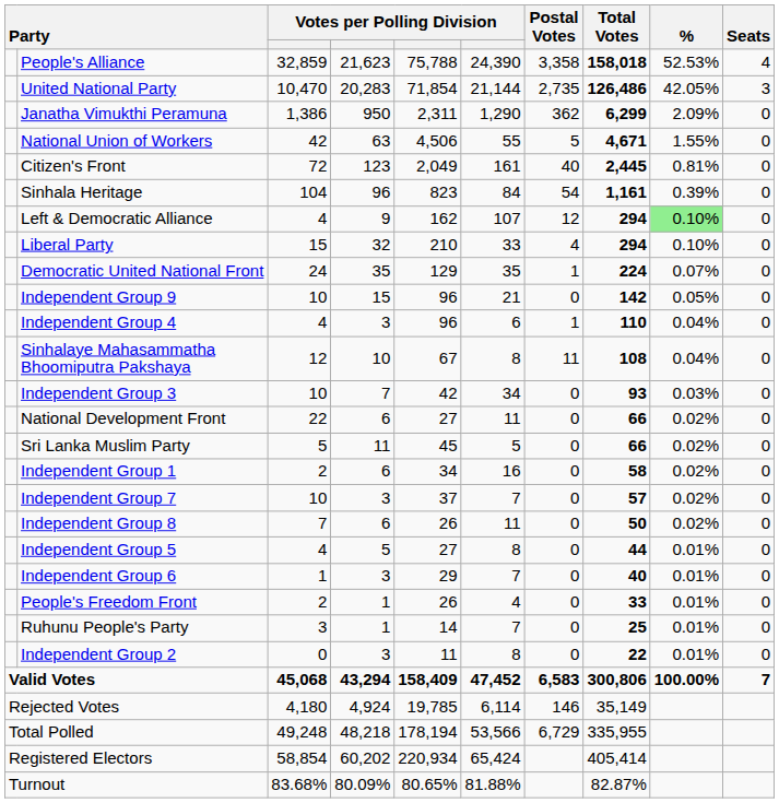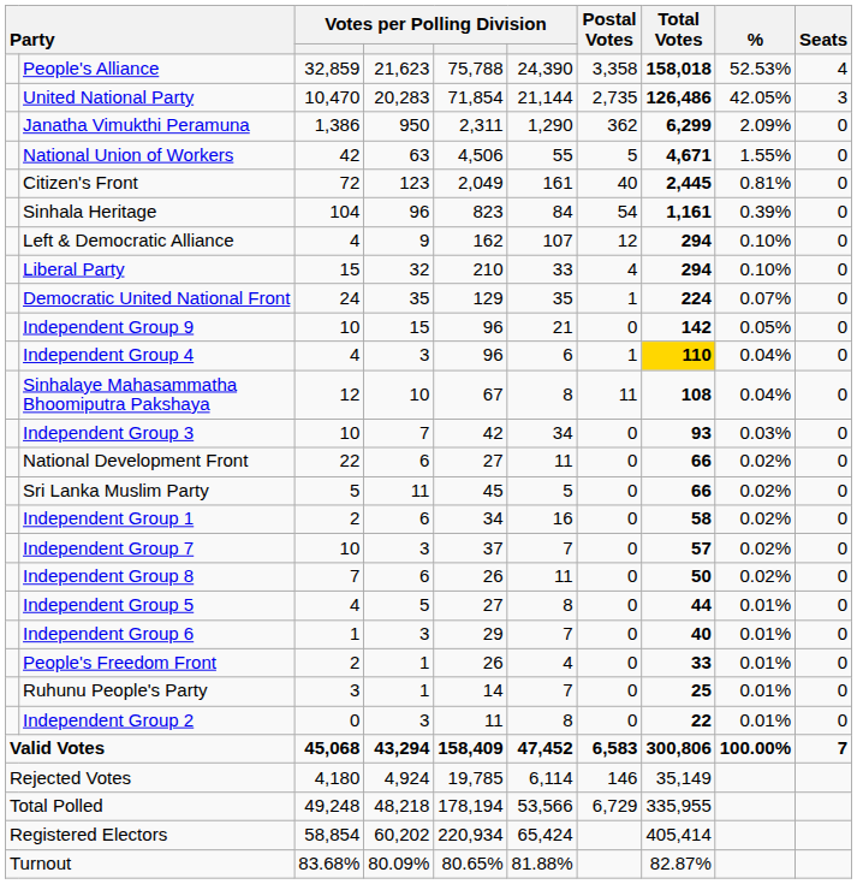 <table class="wikitable" border="1" style="text-align:right;">
 <tr>
 <th style="text-align:left; vertical-align:bottom;" rowspan="2" colspan="2">Party</th>
 <th colspan=4>Votes per Polling Division</th>
 <th rowspan="2" style="vertical-align:bottom; text-align:center; width:50px;">Postal<br>Votes</th>
 <th rowspan="2" style="vertical-align:bottom; text-align:center; width:50px;">Total Votes</th>
 <th rowspan="2" style="vertical-align:bottom; text-align:center; width:50px;">%</th>
 <th rowspan="2" style="vertical-align:bottom; text-align:center; width:40px;">Seats</th>
 </tr>
 <tr>
 <th></th>
 <th></th>
 <th></th>
 <th></th>
 </tr>
 <tr>
 <td bgcolor=> </td>
 <td align=left><a href='#'>People's Alliance</a></td>
 <td>32,859</td>
 <td>21,623</td>
 <td>75,788</td>
 <td>24,390</td>
 <td>3,358</td>
 <td><strong>158,018</strong></td>
 <td>52.53%</td>
 <td>4</td>
 </tr>
 <tr>
 <td bgcolor=> </td>
 <td align=left><a href='#'>United National Party</a></td>
 <td>10,470</td>
 <td>20,283</td>
 <td>71,854</td>
 <td>21,144</td>
 <td>2,735</td>
 <td><strong>126,486</strong></td>
 <td>42.05%</td>
 <td>3</td>
 </tr>
 <tr>
 <td bgcolor=> </td>
 <td align=left><a href='#'>Janatha Vimukthi Peramuna</a></td>
 <td>1,386</td>
 <td>950</td>
 <td>2,311</td>
 <td>1,290</td>
 <td>362</td>
 <td><strong>6,299</strong></td>
 <td>2.09%</td>
 <td>0</td>
 </tr>
 <tr>
 <td bgcolor=> </td>
 <td align=left><a href='#'>National Union of Workers</a></td>
 <td>42</td>
 <td>63</td>
 <td>4,506</td>
 <td>55</td>
 <td>5</td>
 <td><strong>4,671</strong></td>
 <td>1.55%</td>
 <td>0</td>
 </tr>
 <tr>
 <td bgcolor=> </td>
 <td align=left>Citizen's Front</td>
 <td>72</td>
 <td>123</td>
 <td>2,049</td>
 <td>161</td>
 <td>40</td>
 <td><strong>2,445</strong></td>
 <td>0.81%</td>
 <td>0</td>
 </tr>
 <tr>
 <td bgcolor=> </td>
 <td align=left>Sinhala Heritage</td>
 <td>104</td>
 <td>96</td>
 <td>823</td>
 <td>84</td>
 <td>54</td>
 <td><strong>1,161</strong></td>
 <td>0.39%</td>
 <td>0</td>
 </tr>
 <tr>
 <td bgcolor=> </td>
 <td align=left>Left & Democratic Alliance</td>
 <td>4</td>
 <td>9</td>
 <td>162</td>
 <td>107</td>
 <td>12</td>
 <td><strong>294</strong></td>
-<td style="background: lightgreen;">0.10%</td>
+<td>0.10%</td>
 <td>0</td>
 </tr>
 <tr>
 <td bgcolor=> </td>
 <td align=left><a href='#'>Liberal Party</a></td>
 <td>15</td>
 <td>32</td>
 <td>210</td>
 <td>33</td>
 <td>4</td>
 <td><strong>294</strong></td>
 <td>0.10%</td>
 <td>0</td>
 </tr>
 <tr>
 <td bgcolor=> </td>
 <td align=left><a href='#'>Democratic United National Front</a></td>
 <td>24</td>
 <td>35</td>
 <td>129</td>
 <td>35</td>
 <td>1</td>
 <td><strong>224</strong></td>
 <td>0.07%</td>
 <td>0</td>
 </tr>
 <tr>
 <td bgcolor=> </td>
 <td align=left><a href='#'>Independent Group 9</a></td>
 <td>10</td>
 <td>15</td>
 <td>96</td>
 <td>21</td>
 <td>0</td>
 <td><strong>142</strong></td>
 <td>0.05%</td>
 <td>0</td>
 </tr>
 <tr>
 <td bgcolor=> </td>
 <td align=left><a href='#'>Independent Group 4</a></td>
 <td>4</td>
 <td>3</td>
 <td>96</td>
 <td>6</td>
 <td>1</td>
-<td><strong>110</strong></td>
+<td style="background: gold;"><strong>110</strong></td>
 <td>0.04%</td>
 <td>0</td>
 </tr>
 <tr>
 <td bgcolor=> </td>
 <td align=left><a href='#'>Sinhalaye Mahasammatha<br>Bhoomiputra Pakshaya</a></td>
 <td>12</td>
 <td>10</td>
 <td>67</td>
 <td>8</td>
 <td>11</td>
 <td><strong>108</strong></td>
 <td>0.04%</td>
 <td>0</td>
 </tr>
 <tr>
 <td bgcolor=> </td>
 <td align=left><a href='#'>Independent Group 3</a></td>
 <td>10</td>
 <td>7</td>
 <td>42</td>
 <td>34</td>
 <td>0</td>
 <td><strong>93</strong></td>
 <td>0.03%</td>
 <td>0</td>
 </tr>
 <tr>
 <td bgcolor=> </td>
 <td align=left>National Development Front</td>
 <td>22</td>
 <td>6</td>
 <td>27</td>
 <td>11</td>
 <td>0</td>
 <td><strong>66</strong></td>
 <td>0.02%</td>
 <td>0</td>
 </tr>
 <tr>
 <td bgcolor=> </td>
 <td align=left>Sri Lanka Muslim Party</td>
 <td>5</td>
 <td>11</td>
 <td>45</td>
 <td>5</td>
 <td>0</td>
 <td><strong>66</strong></td>
 <td>0.02%</td>
 <td>0</td>
 </tr>
 <tr>
 <td bgcolor=> </td>
 <td align=left><a href='#'>Independent Group 1</a></td>
 <td>2</td>
 <td>6</td>
 <td>34</td>
 <td>16</td>
 <td>0</td>
 <td><strong>58</strong></td>
 <td>0.02%</td>
 <td>0</td>
 </tr>
 <tr>
 <td bgcolor=> </td>
 <td align=left><a href='#'>Independent Group 7</a></td>
 <td>10</td>
 <td>3</td>
 <td>37</td>
 <td>7</td>
 <td>0</td>
 <td><strong>57</strong></td>
 <td>0.02%</td>
 <td>0</td>
 </tr>
 <tr>
 <td bgcolor=> </td>
 <td align=left><a href='#'>Independent Group 8</a></td>
 <td>7</td>
 <td>6</td>
 <td>26</td>
 <td>11</td>
 <td>0</td>
 <td><strong>50</strong></td>
 <td>0.02%</td>
 <td>0</td>
 </tr>
 <tr>
 <td bgcolor=> </td>
 <td align=left><a href='#'>Independent Group 5</a></td>
 <td>4</td>
 <td>5</td>
 <td>27</td>
 <td>8</td>
 <td>0</td>
 <td><strong>44</strong></td>
 <td>0.01%</td>
 <td>0</td>
 </tr>
 <tr>
 <td bgcolor=> </td>
 <td align=left><a href='#'>Independent Group 6</a></td>
 <td>1</td>
 <td>3</td>
 <td>29</td>
 <td>7</td>
 <td>0</td>
 <td><strong>40</strong></td>
 <td>0.01%</td>
 <td>0</td>
 </tr>
 <tr>
 <td bgcolor=> </td>
 <td align=left><a href='#'>People's Freedom Front</a></td>
 <td>2</td>
 <td>1</td>
 <td>26</td>
 <td>4</td>
 <td>0</td>
 <td><strong>33</strong></td>
 <td>0.01%</td>
 <td>0</td>
 </tr>
 <tr>
 <td bgcolor=> </td>
 <td align=left>Ruhunu People's Party</td>
 <td>3</td>
 <td>1</td>
 <td>14</td>
 <td>7</td>
 <td>0</td>
 <td><strong>25</strong></td>
 <td>0.01%</td>
 <td>0</td>
 </tr>
 <tr>
 <td bgcolor=> </td>
 <td align=left><a href='#'>Independent Group 2</a></td>
 <td>0</td>
 <td>3</td>
 <td>11</td>
 <td>8</td>
 <td>0</td>
 <td><strong>22</strong></td>
 <td>0.01%</td>
 <td>0</td>
 </tr>
 <tr>
 <td align=left colspan="2"><strong>Valid Votes</strong></td>
 <td><strong>45,068</strong></td>
 <td><strong>43,294</strong></td>
 <td><strong>158,409</strong></td>
 <td><strong>47,452</strong></td>
 <td><strong>6,583</strong></td>
 <td><strong>300,806</strong></td>
 <td><strong>100.00%</strong></td>
 <td><strong>7</strong></td>
 </tr>
 <tr>
 <td align=left colspan="2">Rejected Votes</td>
 <td>4,180</td>
 <td>4,924</td>
 <td>19,785</td>
 <td>6,114</td>
 <td>146</td>
 <td>35,149</td>
 <td></td>
 <td></td>
 </tr>
 <tr>
 <td align=left colspan="2">Total Polled</td>
 <td>49,248</td>
 <td>48,218</td>
 <td>178,194</td>
 <td>53,566</td>
 <td>6,729</td>
 <td>335,955</td>
 <td></td>
 <td></td>
 </tr>
 <tr>
 <td align=left colspan="2">Registered Electors</td>
 <td>58,854</td>
 <td>60,202</td>
 <td>220,934</td>
 <td>65,424</td>
 <td></td>
 <td>405,414</td>
 <td></td>
 <td></td>
 </tr>
 <tr>
 <td align=left colspan="2">Turnout</td>
 <td>83.68%</td>
 <td>80.09%</td>
 <td>80.65%</td>
 <td>81.88%</td>
 <td></td>
 <td>82.87%</td>
 <td></td>
 <td></td>
 </tr>
 </table>
